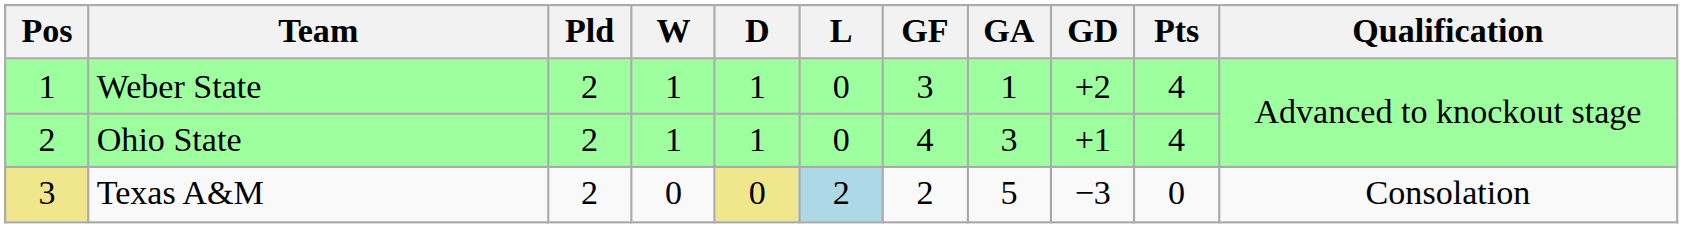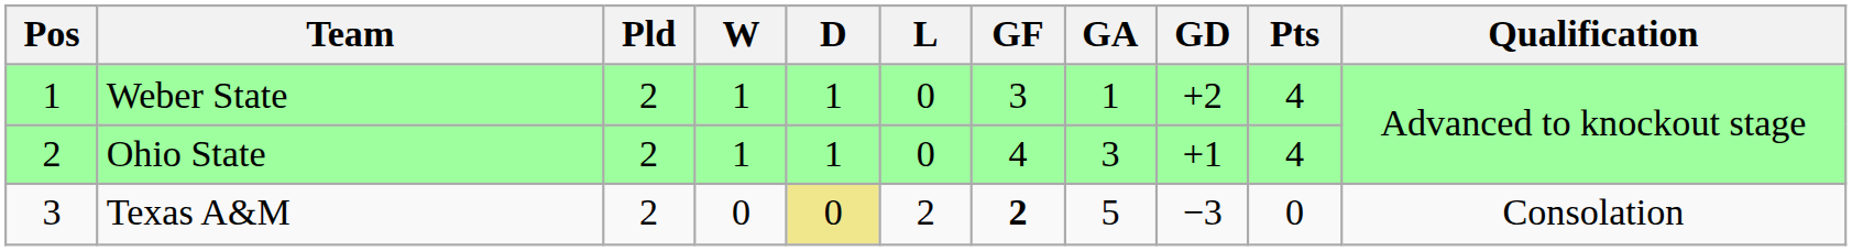 <table class="wikitable" style="text-align:center; margin: 1em auto">
 <tr>
 <th style="width:2em">Pos</th>
 <th style="width:13em">Team</th>
 <th style="width:2em">Pld</th>
 <th style="width:2em">W</th>
 <th style="width:2em">D</th>
 <th style="width:2em">L</th>
 <th style="width:2em">GF</th>
 <th style="width:2em">GA</th>
 <th style="width:2em">GD</th>
 <th style="width:2em">Pts</th>
 <th style="width:13em">Qualification</th>
 </tr>
 <tr bgcolor="#9eff9e">
 <td>1</td>
 <td style="text-align:left">Weber State</td>
 <td>2</td>
 <td>1</td>
 <td>1</td>
 <td>0</td>
 <td>3</td>
 <td>1</td>
 <td>+2</td>
 <td>4</td>
 <td rowspan="2">Advanced to knockout stage</td>
 </tr>
 <tr bgcolor="#9eff9e">
 <td>2</td>
 <td style="text-align:left">Ohio State</td>
 <td>2</td>
 <td>1</td>
 <td>1</td>
 <td>0</td>
 <td>4</td>
 <td>3</td>
 <td>+1</td>
 <td>4</td>
 </tr>
 <tr>
-<td style="background: khaki;">3</td>
+<td>3</td>
 <td style="text-align:left">Texas A&M</td>
 <td>2</td>
 <td>0</td>
 <td style="background: khaki;">0</td>
-<td style="background: lightblue;">2</td>
 <td>2</td>
+<td><strong>2</strong></td>
 <td>5</td>
 <td>−3</td>
 <td>0</td>
 <td>Consolation</td>
 </tr>
 </table>
